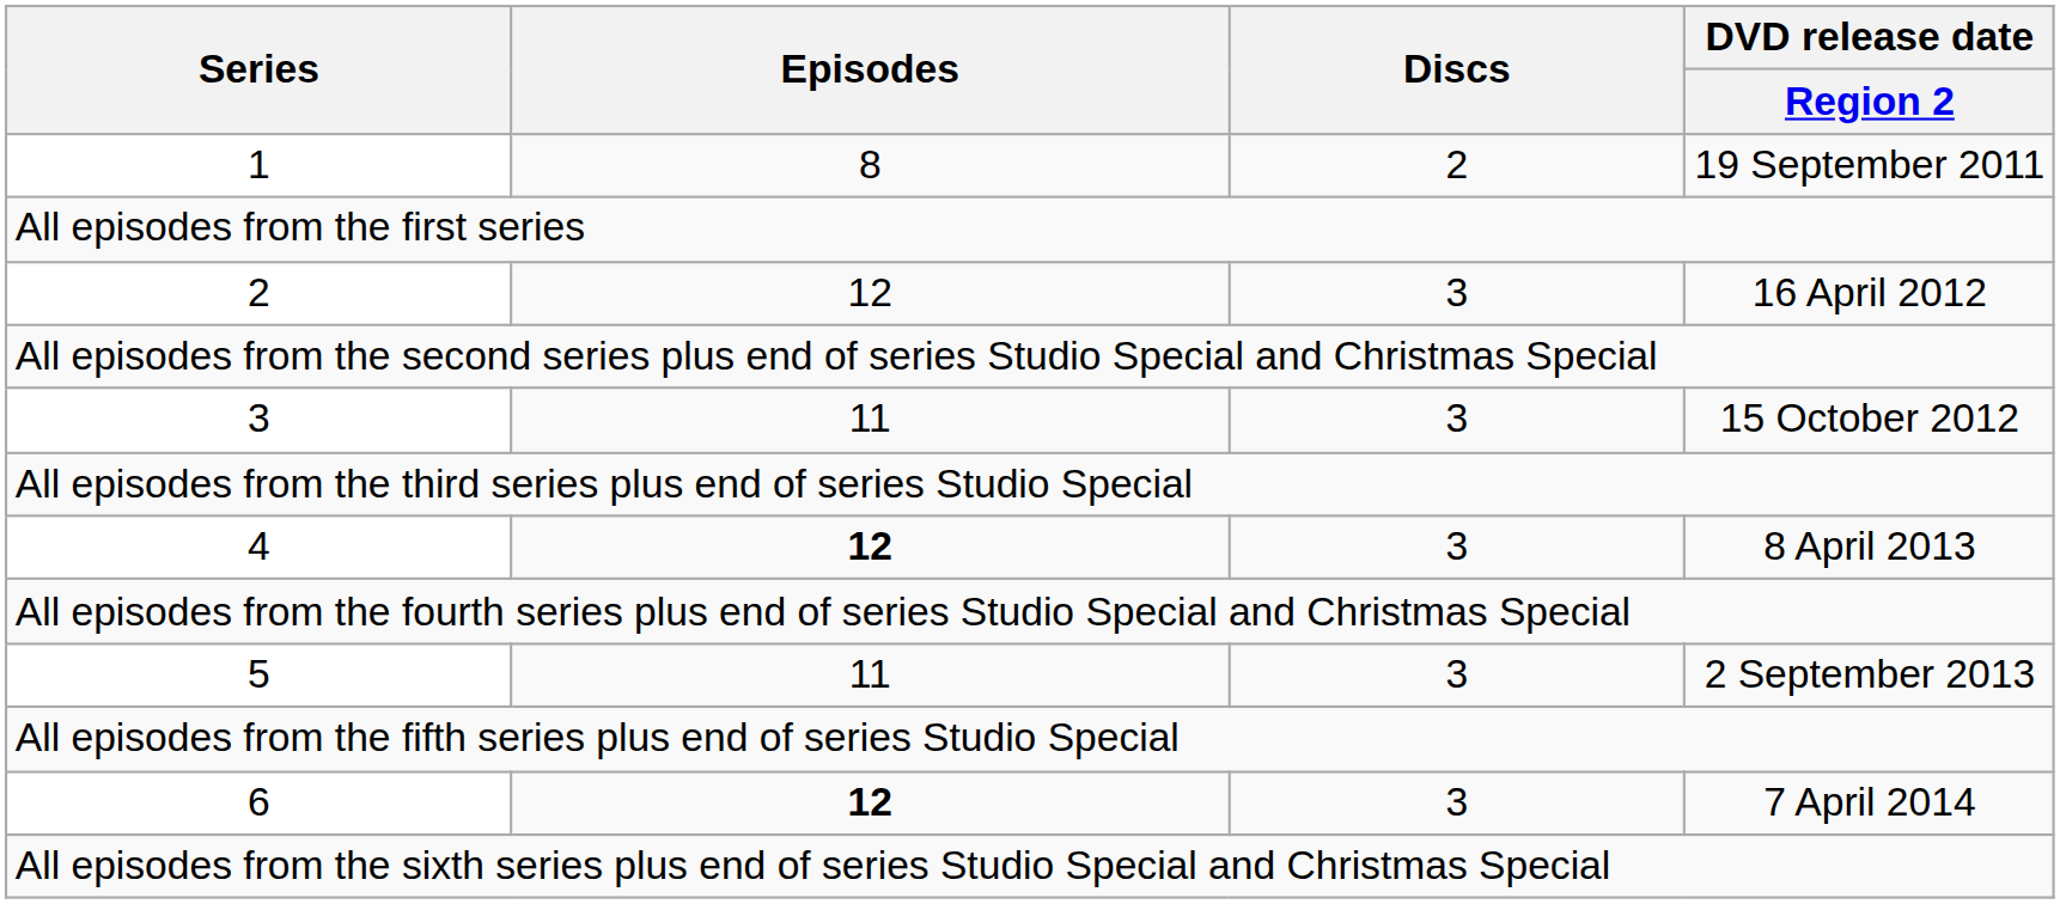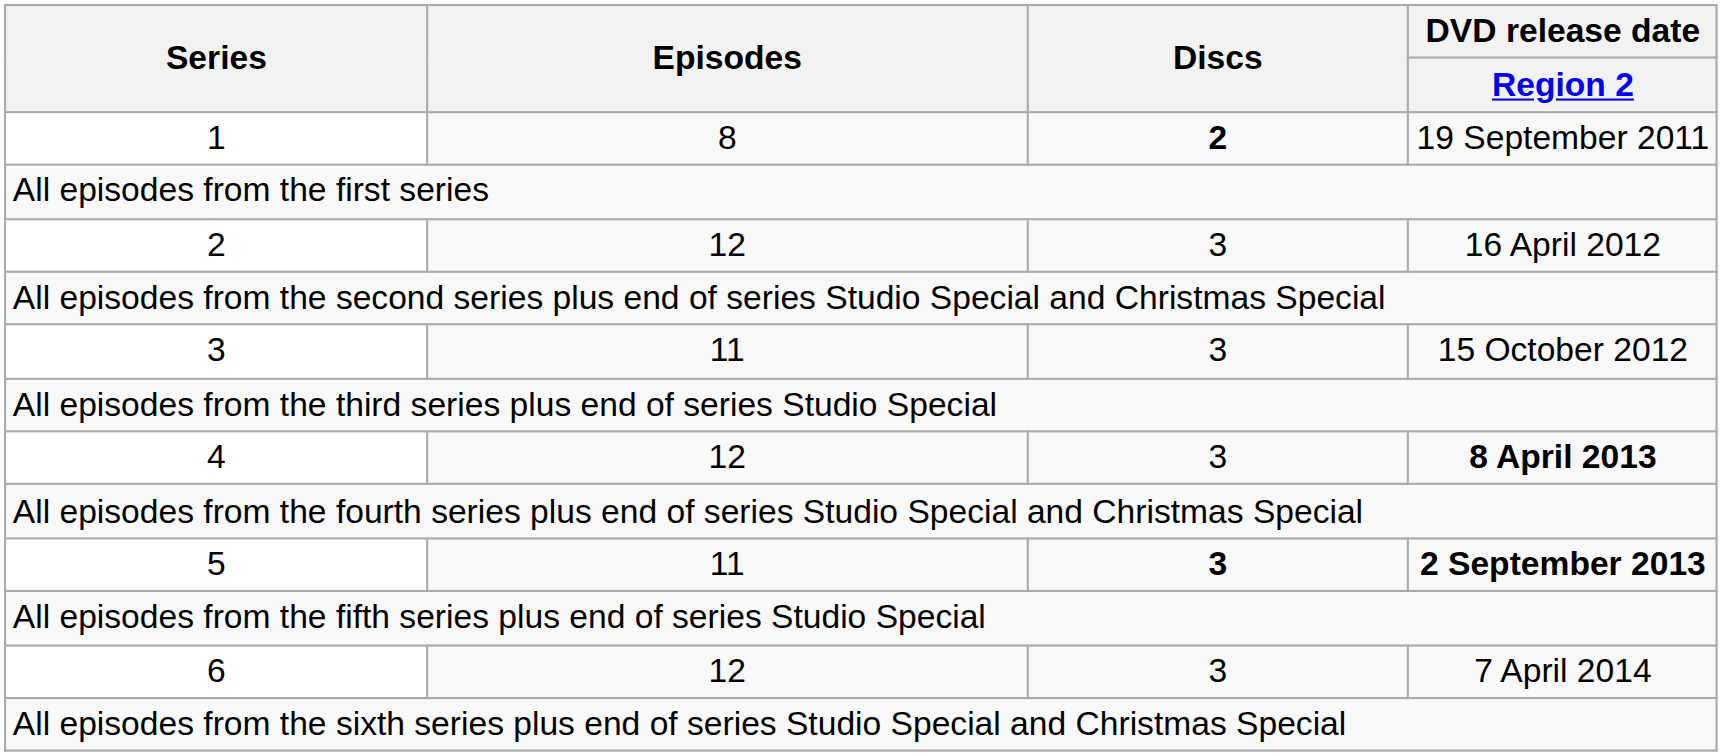 <table class="wikitable">
 <tr>
 <th rowspan="2">Series</th>
 <th rowspan="2">Episodes</th>
 <th rowspan="2">Discs</th>
 <th colspan="5">DVD release date</th>
 </tr>
 <tr>
 <th width=18%><a href='#'>Region 2</a></th>
 </tr>
 <tr>
 <td style="text-align:center; background:#fff;">1</td>
 <td style="text-align:center;">8</td>
-<td style="text-align:center;">2</td>
+<td style="text-align:center;"><strong>2</strong></td>
 <td style="text-align:center;">19 September 2011</td>
 </tr>
 <tr>
 <td colspan="8">All episodes from the first series</td>
 </tr>
 <tr>
 <td style="text-align:center; background:#fff;">2</td>
 <td style="text-align:center;">12</td>
 <td style="text-align:center;">3</td>
 <td style="text-align:center;">16 April 2012</td>
 </tr>
 <tr>
 <td colspan="8">All episodes from the second series plus end of series Studio Special and Christmas Special</td>
 </tr>
 <tr style="text-align:center;">
 <td style="background:#fff;">3</td>
 <td>11</td>
 <td>3</td>
 <td>15 October 2012</td>
 </tr>
 <tr>
 <td colspan="8">All episodes from the third series plus end of series Studio Special</td>
 </tr>
 <tr style="text-align:center;">
 <td style="background:#fff;">4</td>
-<td><strong>12</strong></td>
+<td>12</td>
 <td>3</td>
-<td>8 April 2013</td>
+<td><strong>8 April 2013</strong></td>
 </tr>
 <tr>
 <td colspan="8">All episodes from the fourth series plus end of series Studio Special and Christmas Special</td>
 </tr>
 <tr style="text-align:center;">
 <td style="background:#fff;">5</td>
 <td>11</td>
-<td>3</td>
-<td>2 September 2013</td>
+<td><strong>3</strong></td>
+<td><strong>2 September 2013</strong></td>
 </tr>
 <tr>
 <td colspan="8">All episodes from the fifth series plus end of series Studio Special</td>
 </tr>
 <tr style="text-align:center;">
 <td style="background:#fff;">6</td>
-<td><strong>12</strong></td>
+<td>12</td>
 <td>3</td>
 <td>7 April 2014</td>
 </tr>
 <tr>
 <td colspan="8">All episodes from the sixth series plus end of series Studio Special and Christmas Special</td>
 </tr>
 </table>
